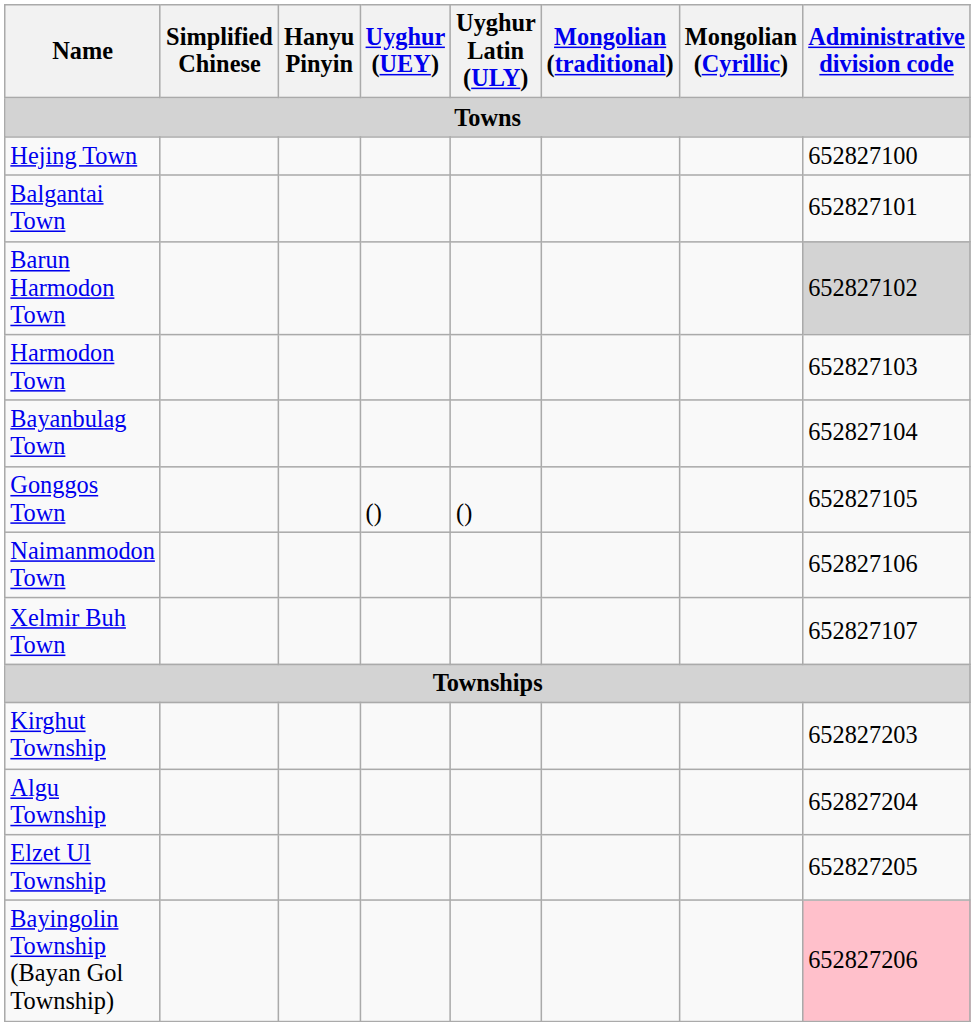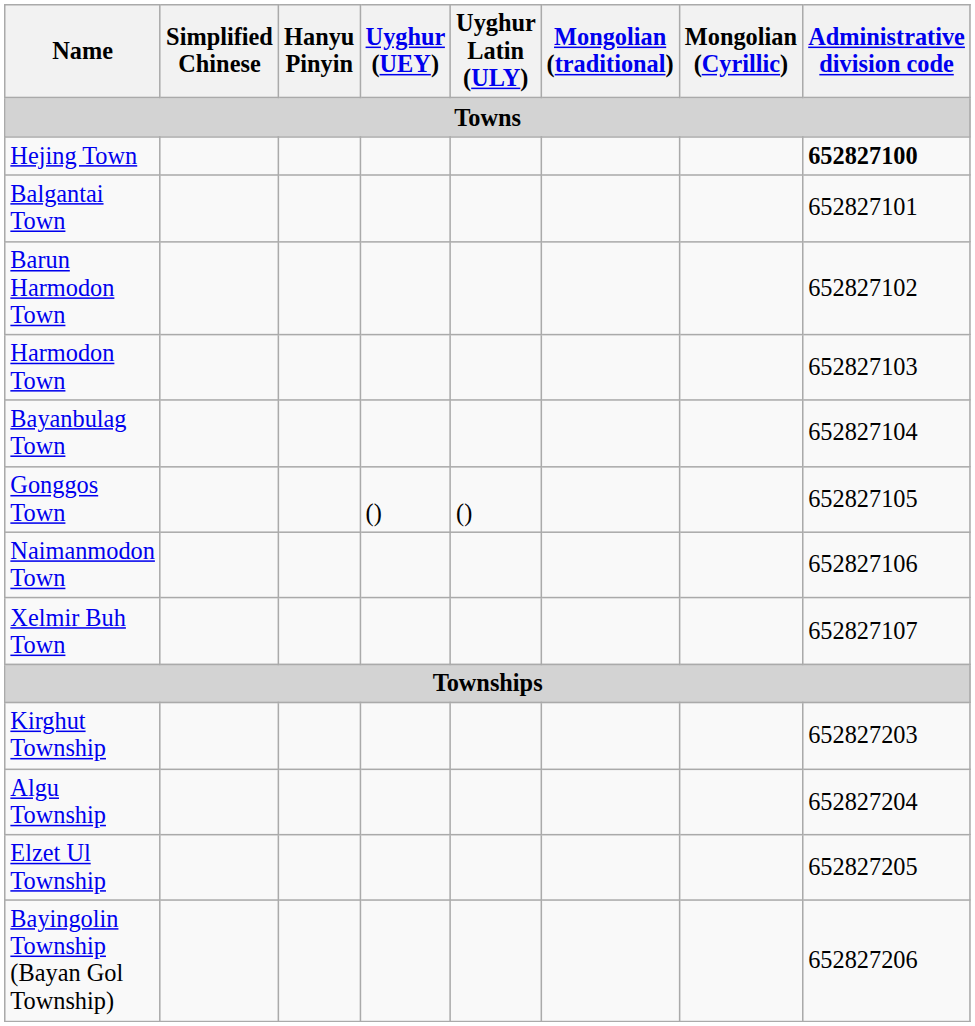 <table class="wikitable" align="center" style="width:50%; border="1">
 <tr>
 <th>Name</th>
 <th>Simplified Chinese</th>
 <th>Hanyu Pinyin</th>
 <th><a href='#'>Uyghur</a> (<a href='#'>UEY</a>)</th>
 <th>Uyghur Latin (<a href='#'>ULY</a>)</th>
 <th><a href='#'>Mongolian</a> (<a href='#'>traditional</a>)</th>
 <th>Mongolian (<a href='#'>Cyrillic</a>)</th>
 <th><a href='#'>Administrative division code</a></th>
 </tr>
 <tr>
 <td colspan="9"  style="text-align:center; background:#d3d3d3;"><strong>Towns</strong></td>
 </tr>
 <tr --------->
 <td><a href='#'>Hejing Town</a></td>
 <td></td>
 <td></td>
 <td></td>
 <td></td>
 <td></td>
 <td></td>
-<td>652827100</td>
+<td><strong>652827100</strong></td>
 </tr>
 <tr>
 <td><a href='#'>Balgantai Town</a></td>
 <td></td>
 <td></td>
 <td></td>
 <td></td>
 <td></td>
 <td></td>
 <td>652827101</td>
 </tr>
 <tr>
 <td><a href='#'>Barun Harmodon Town</a></td>
 <td></td>
 <td></td>
 <td></td>
 <td></td>
 <td></td>
 <td></td>
-<td style="background: lightgrey;">652827102</td>
+<td>652827102</td>
 </tr>
 <tr>
 <td><a href='#'>Harmodon Town</a></td>
 <td></td>
 <td></td>
 <td></td>
 <td></td>
 <td></td>
 <td></td>
 <td>652827103</td>
 </tr>
 <tr>
 <td><a href='#'>Bayanbulag Town</a></td>
 <td></td>
 <td></td>
 <td></td>
 <td></td>
 <td></td>
 <td></td>
 <td>652827104</td>
 </tr>
 <tr>
 <td><a href='#'>Gonggos Town</a></td>
 <td></td>
 <td></td>
 <td><br>()</td>
 <td><br>()</td>
 <td></td>
 <td></td>
 <td>652827105</td>
 </tr>
 <tr>
 <td><a href='#'>Naimanmodon Town</a></td>
 <td></td>
 <td></td>
 <td></td>
 <td></td>
 <td></td>
 <td></td>
 <td>652827106</td>
 </tr>
 <tr>
 <td><a href='#'>Xelmir Buh Town</a></td>
 <td></td>
 <td></td>
 <td></td>
 <td></td>
 <td></td>
 <td></td>
 <td>652827107</td>
 </tr>
 <tr>
 <td colspan="9"  style="text-align:center; background:#d3d3d3;"><strong>Townships</strong></td>
 </tr>
 <tr --------->
 <td><a href='#'>Kirghut Township</a></td>
 <td></td>
 <td></td>
 <td></td>
 <td></td>
 <td></td>
 <td></td>
 <td>652827203</td>
 </tr>
 <tr>
 <td><a href='#'>Algu Township</a></td>
 <td></td>
 <td></td>
 <td></td>
 <td></td>
 <td></td>
 <td></td>
 <td>652827204</td>
 </tr>
 <tr>
 <td><a href='#'>Elzet Ul Township</a></td>
 <td></td>
 <td></td>
 <td></td>
 <td></td>
 <td></td>
 <td></td>
 <td>652827205</td>
 </tr>
 <tr>
 <td><a href='#'>Bayingolin Township</a><br>(Bayan Gol Township)</td>
 <td></td>
 <td></td>
 <td></td>
 <td></td>
 <td></td>
 <td></td>
-<td style="background: pink;">652827206</td>
+<td>652827206</td>
 </tr>
 <tr>
 </tr>
 </table>
